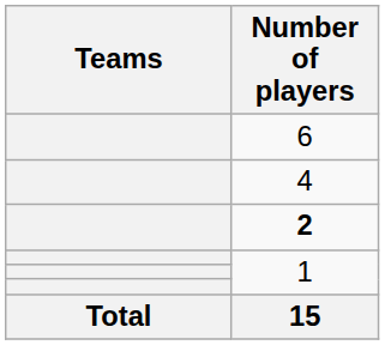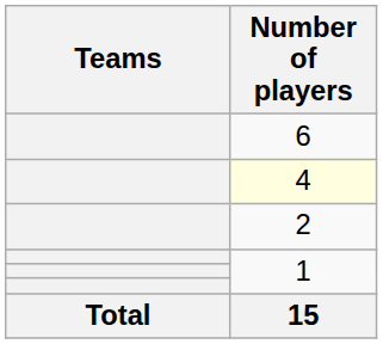 <table class="wikitable plainrowheaders" style="text-align:center">
 <tr>
 <th style="width:120px">Teams</th>
 <th style="width:75px">Number of players</th>
 </tr>
 <tr>
 <th scope="row"></th>
 <td>6</td>
 </tr>
 <tr>
 <th scope="row"></th>
-<td>4</td>
+<td style="background: lightyellow;">4</td>
 </tr>
 <tr>
 <th scope="row"></th>
-<td><strong>2</strong></td>
+<td>2</td>
 </tr>
 <tr>
 <th scope="row"></th>
 <td rowspan="3">1</td>
 </tr>
 <tr>
 <th scope="row"></th>
 </tr>
 <tr>
 <th scope="row"></th>
 </tr>
 <tr>
 <th>Total</th>
 <th>15</th>
 </tr>
 </table>
